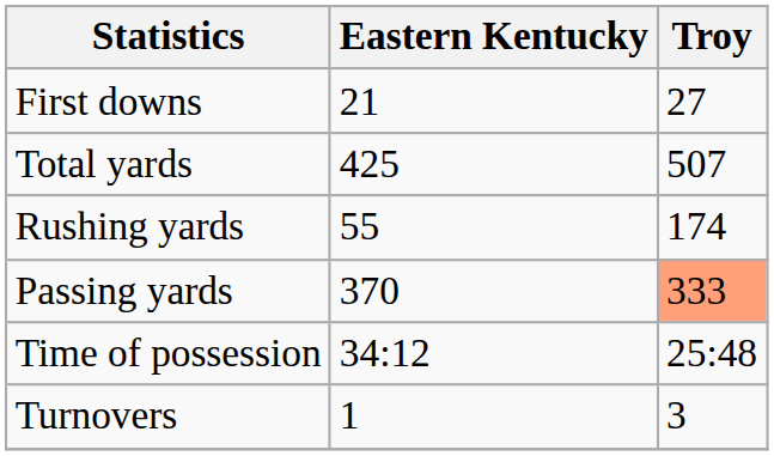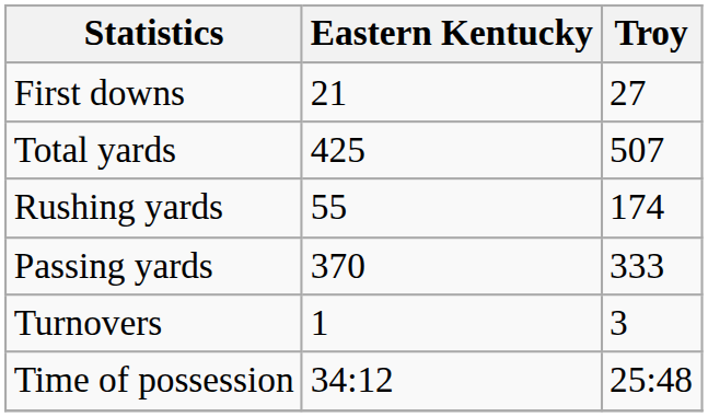 <table class="wikitable">
 <tr>
 <th>Statistics</th>
 <th>Eastern Kentucky</th>
 <th>Troy</th>
 </tr>
 <tr>
 <td>First downs</td>
 <td>21</td>
 <td>27</td>
 </tr>
 <tr>
 <td>Total yards</td>
 <td>425</td>
 <td>507</td>
 </tr>
 <tr>
 <td>Rushing yards</td>
 <td>55</td>
 <td>174</td>
 </tr>
 <tr>
 <td>Passing yards</td>
 <td>370</td>
-<td style="background: lightsalmon;">333</td>
+<td>333</td>
+</tr>
+<tr>
+<td>Turnovers</td>
+<td>1</td>
+<td>3</td>
 </tr>
 <tr>
 <td>Time of possession</td>
 <td>34:12</td>
 <td>25:48</td>
 </tr>
 <tr>
-<td>Turnovers</td>
-<td>1</td>
-<td>3</td>
-</tr>
-<tr>
 </tr>
 </table>
